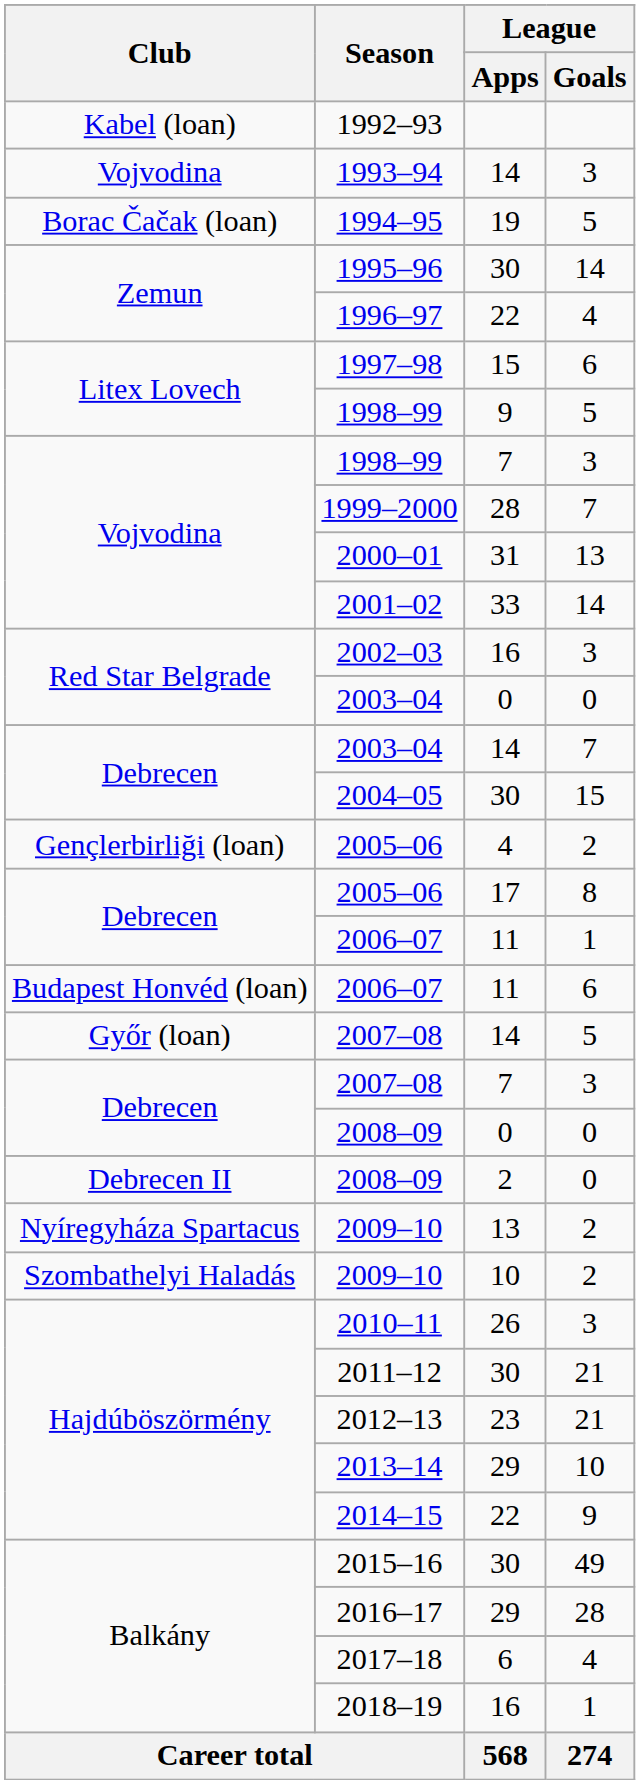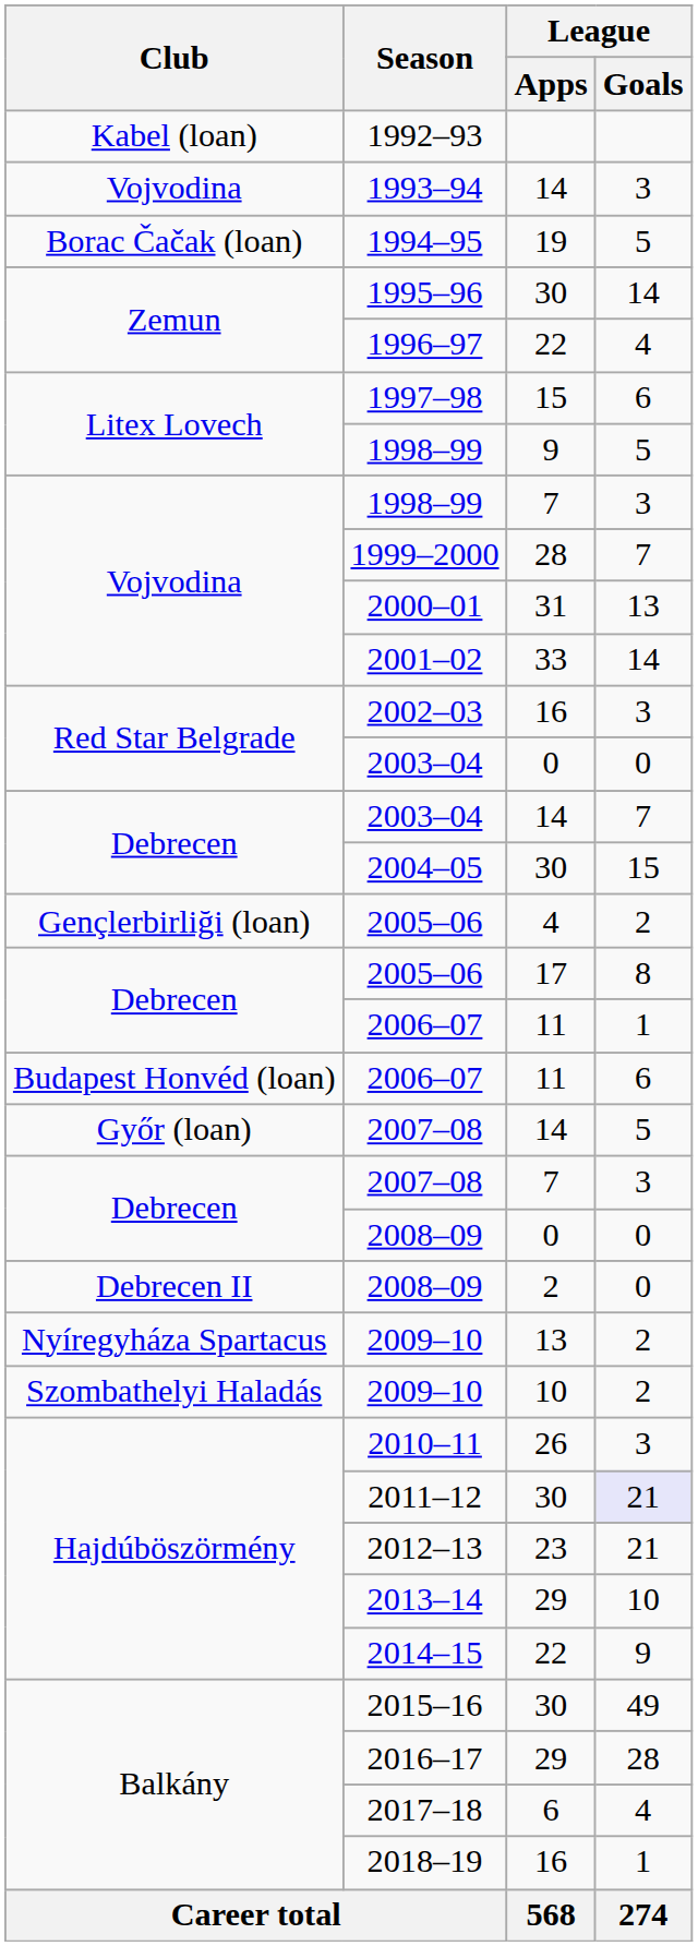 <table class="wikitable" style="text-align:center">
 <tr>
 <th rowspan="2">Club</th>
 <th rowspan="2">Season</th>
 <th colspan="2">League</th>
 </tr>
 <tr>
 <th>Apps</th>
 <th>Goals</th>
 </tr>
 <tr>
 <td><a href='#'>Kabel</a> (loan)</td>
 <td>1992–93</td>
 <td></td>
 <td></td>
 </tr>
 <tr>
 <td><a href='#'>Vojvodina</a></td>
 <td><a href='#'>1993–94</a></td>
 <td>14</td>
 <td>3</td>
 </tr>
 <tr>
 <td><a href='#'>Borac Čačak</a> (loan)</td>
 <td><a href='#'>1994–95</a></td>
 <td>19</td>
 <td>5</td>
 </tr>
 <tr>
 <td rowspan="2"><a href='#'>Zemun</a></td>
 <td><a href='#'>1995–96</a></td>
 <td>30</td>
 <td>14</td>
 </tr>
 <tr>
 <td><a href='#'>1996–97</a></td>
 <td>22</td>
 <td>4</td>
 </tr>
 <tr>
 <td rowspan="2"><a href='#'>Litex Lovech</a></td>
 <td><a href='#'>1997–98</a></td>
 <td>15</td>
 <td>6</td>
 </tr>
 <tr>
 <td><a href='#'>1998–99</a></td>
 <td>9</td>
 <td>5</td>
 </tr>
 <tr>
 <td rowspan="4"><a href='#'>Vojvodina</a></td>
 <td><a href='#'>1998–99</a></td>
 <td>7</td>
 <td>3</td>
 </tr>
 <tr>
 <td><a href='#'>1999–2000</a></td>
 <td>28</td>
 <td>7</td>
 </tr>
 <tr>
 <td><a href='#'>2000–01</a></td>
 <td>31</td>
 <td>13</td>
 </tr>
 <tr>
 <td><a href='#'>2001–02</a></td>
 <td>33</td>
 <td>14</td>
 </tr>
 <tr>
 <td rowspan="2"><a href='#'>Red Star Belgrade</a></td>
 <td><a href='#'>2002–03</a></td>
 <td>16</td>
 <td>3</td>
 </tr>
 <tr>
 <td><a href='#'>2003–04</a></td>
 <td>0</td>
 <td>0</td>
 </tr>
 <tr>
 <td rowspan="2"><a href='#'>Debrecen</a></td>
 <td><a href='#'>2003–04</a></td>
 <td>14</td>
 <td>7</td>
 </tr>
 <tr>
 <td><a href='#'>2004–05</a></td>
 <td>30</td>
 <td>15</td>
 </tr>
 <tr>
 <td><a href='#'>Gençlerbirliği</a> (loan)</td>
 <td><a href='#'>2005–06</a></td>
 <td>4</td>
 <td>2</td>
 </tr>
 <tr>
 <td rowspan="2"><a href='#'>Debrecen</a></td>
 <td><a href='#'>2005–06</a></td>
 <td>17</td>
 <td>8</td>
 </tr>
 <tr>
 <td><a href='#'>2006–07</a></td>
 <td>11</td>
 <td>1</td>
 </tr>
 <tr>
 <td><a href='#'>Budapest Honvéd</a> (loan)</td>
 <td><a href='#'>2006–07</a></td>
 <td>11</td>
 <td>6</td>
 </tr>
 <tr>
 <td><a href='#'>Győr</a> (loan)</td>
 <td><a href='#'>2007–08</a></td>
 <td>14</td>
 <td>5</td>
 </tr>
 <tr>
 <td rowspan="2"><a href='#'>Debrecen</a></td>
 <td><a href='#'>2007–08</a></td>
 <td>7</td>
 <td>3</td>
 </tr>
 <tr>
 <td><a href='#'>2008–09</a></td>
 <td>0</td>
 <td>0</td>
 </tr>
 <tr>
 <td><a href='#'>Debrecen II</a></td>
 <td><a href='#'>2008–09</a></td>
 <td>2</td>
 <td>0</td>
 </tr>
 <tr>
 <td><a href='#'>Nyíregyháza Spartacus</a></td>
 <td><a href='#'>2009–10</a></td>
 <td>13</td>
 <td>2</td>
 </tr>
 <tr>
 <td><a href='#'>Szombathelyi Haladás</a></td>
 <td><a href='#'>2009–10</a></td>
 <td>10</td>
 <td>2</td>
 </tr>
 <tr>
 <td rowspan="5"><a href='#'>Hajdúböszörmény</a></td>
 <td><a href='#'>2010–11</a></td>
 <td>26</td>
 <td>3</td>
 </tr>
 <tr>
 <td>2011–12</td>
 <td>30</td>
-<td>21</td>
+<td style="background: lavender;">21</td>
 </tr>
 <tr>
 <td>2012–13</td>
 <td>23</td>
 <td>21</td>
 </tr>
 <tr>
 <td><a href='#'>2013–14</a></td>
 <td>29</td>
 <td>10</td>
 </tr>
 <tr>
 <td><a href='#'>2014–15</a></td>
 <td>22</td>
 <td>9</td>
 </tr>
 <tr>
 <td rowspan="4">Balkány</td>
 <td>2015–16</td>
 <td>30</td>
 <td>49</td>
 </tr>
 <tr>
 <td>2016–17</td>
 <td>29</td>
 <td>28</td>
 </tr>
 <tr>
 <td>2017–18</td>
 <td>6</td>
 <td>4</td>
 </tr>
 <tr>
 <td>2018–19</td>
 <td>16</td>
 <td>1</td>
 </tr>
 <tr>
 <th colspan="2">Career total</th>
 <th>568</th>
 <th>274</th>
 </tr>
 </table>
